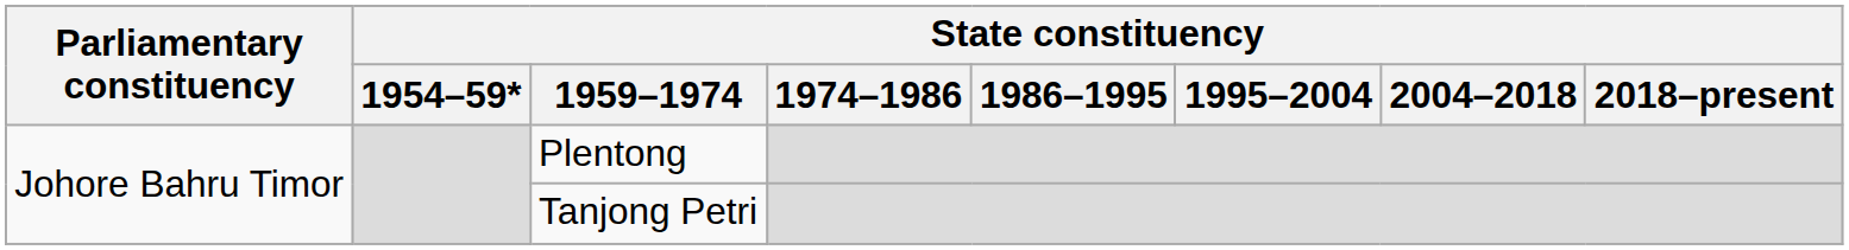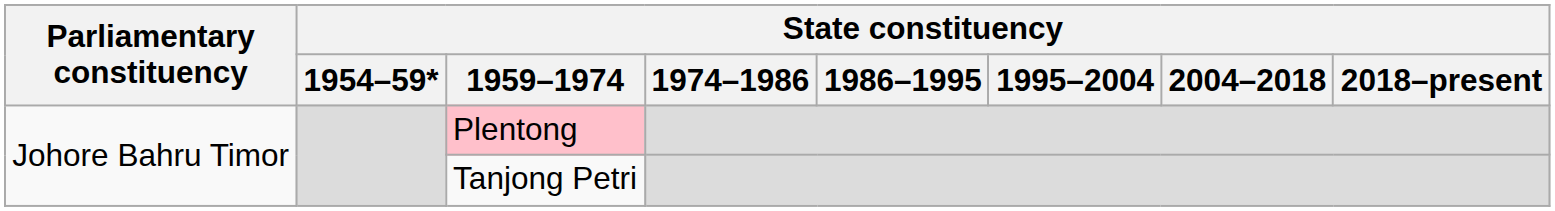 <table class="wikitable">
 <tr>
 <th rowspan="2">Parliamentary<br>constituency</th>
 <th colspan="7">State constituency</th>
 </tr>
 <tr>
 <th>1954–59*</th>
 <th>1959–1974</th>
 <th>1974–1986</th>
 <th>1986–1995</th>
 <th>1995–2004</th>
 <th>2004–2018</th>
 <th>2018–present</th>
 </tr>
 <tr>
 <td rowspan="2">Johore Bahru Timor</td>
 <td rowspan="2" bgcolor="dcdcdc"></td>
-<td>Plentong</td>
+<td style="background: pink;">Plentong</td>
 <td colspan="5" bgcolor="dcdcdc"></td>
 </tr>
 <tr>
 <td>Tanjong Petri</td>
 <td colspan="5" bgcolor="dcdcdc"></td>
 </tr>
 </table>
